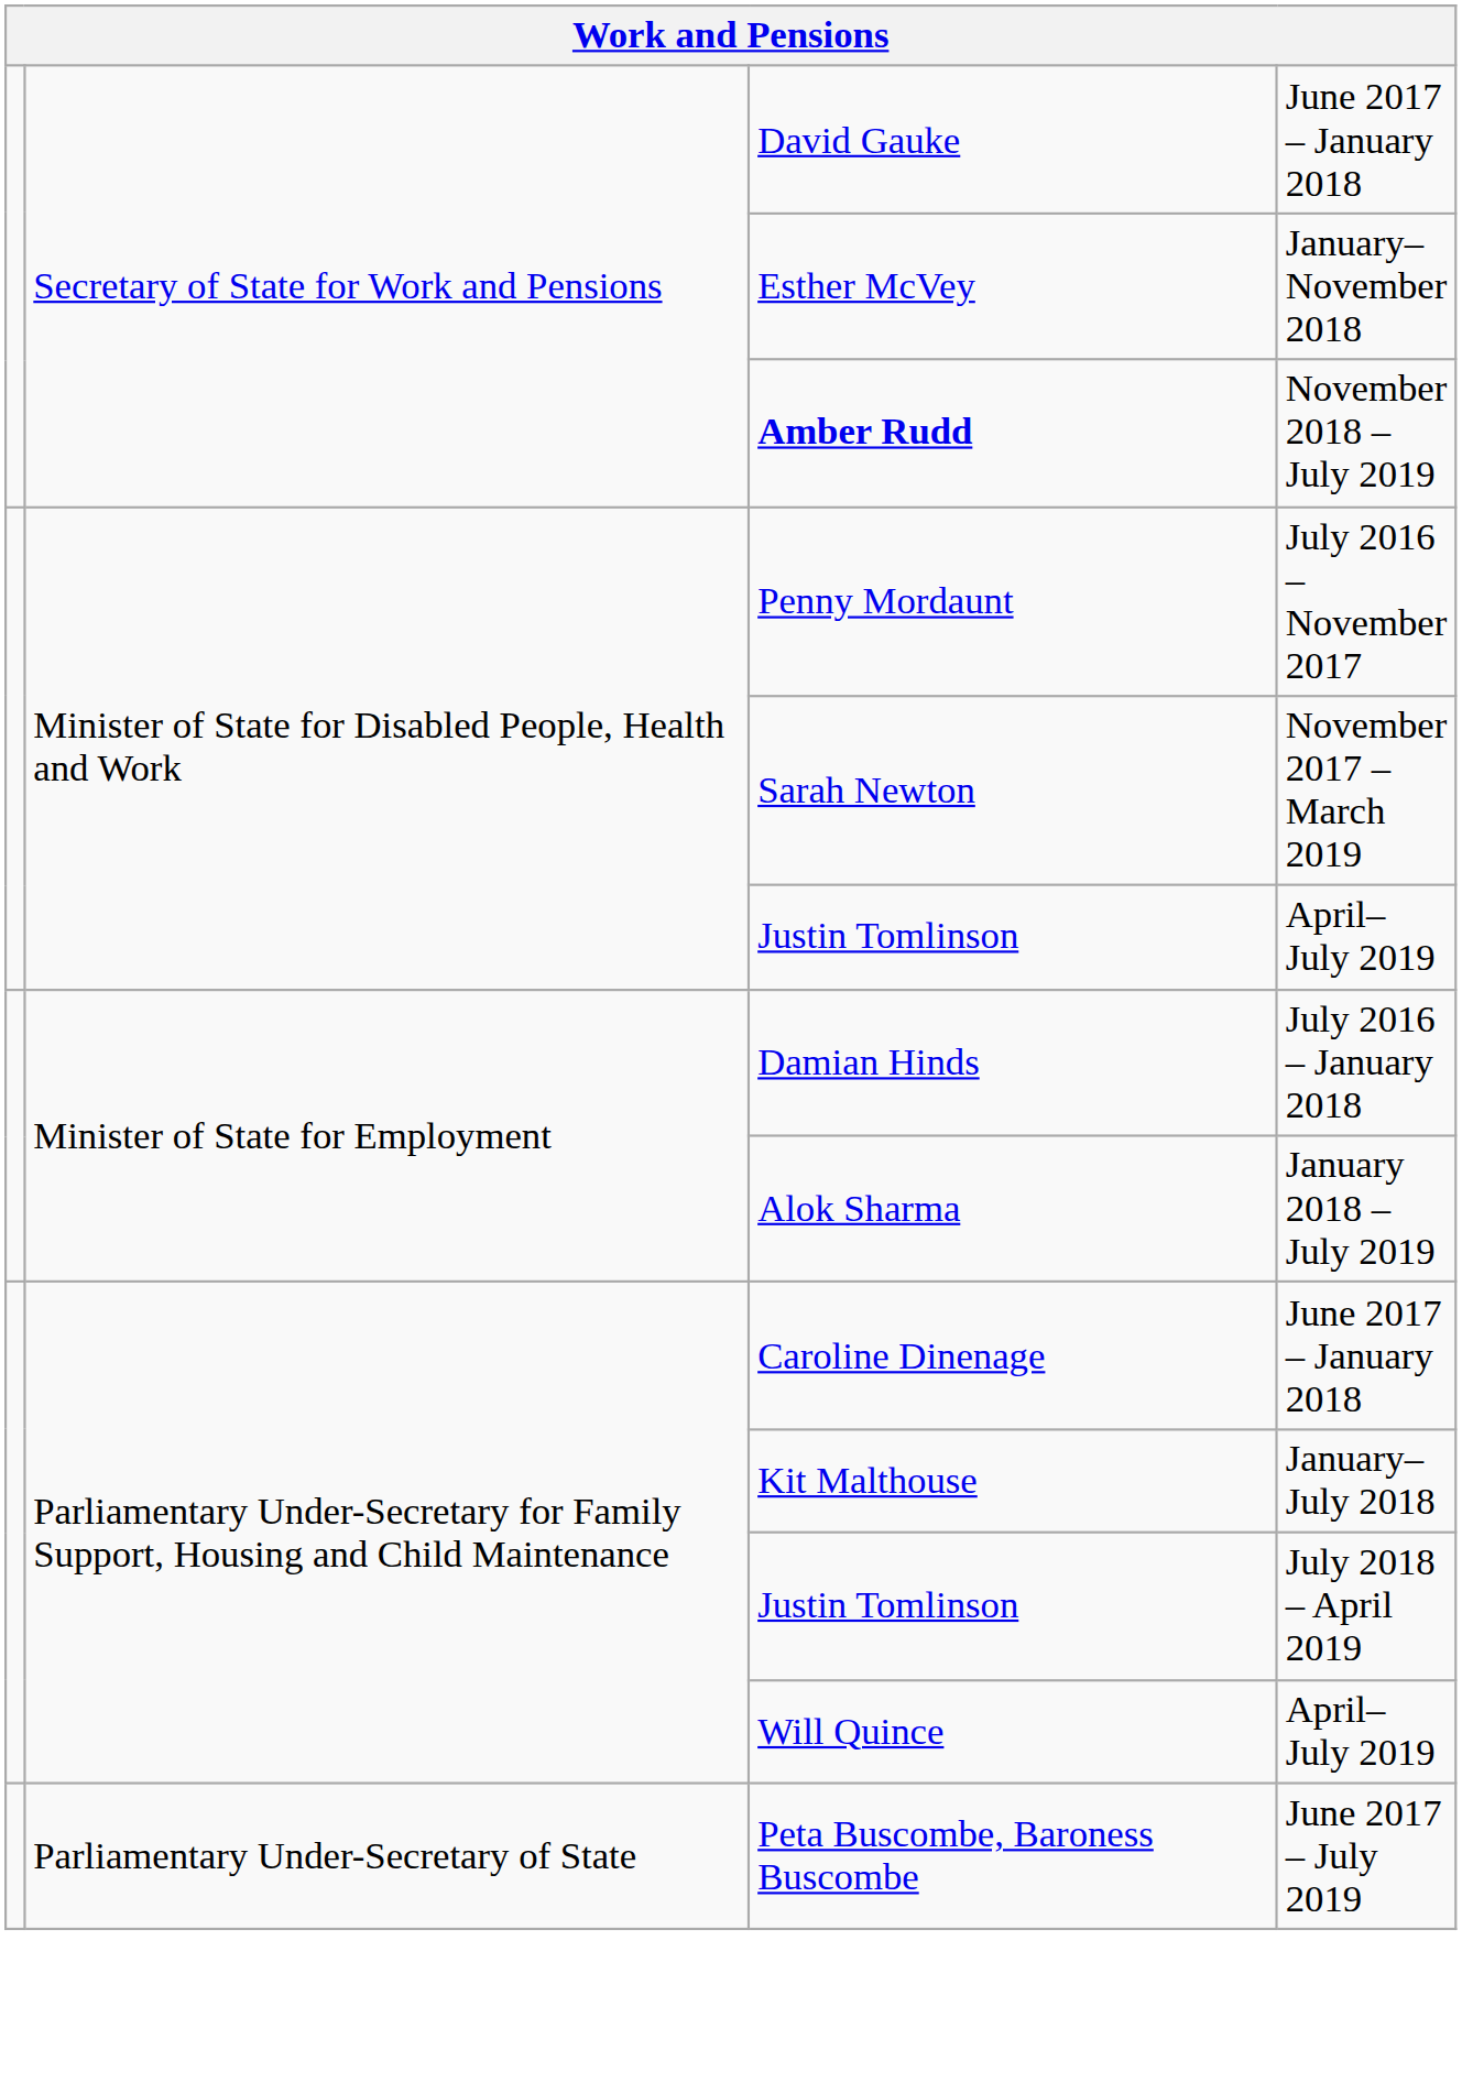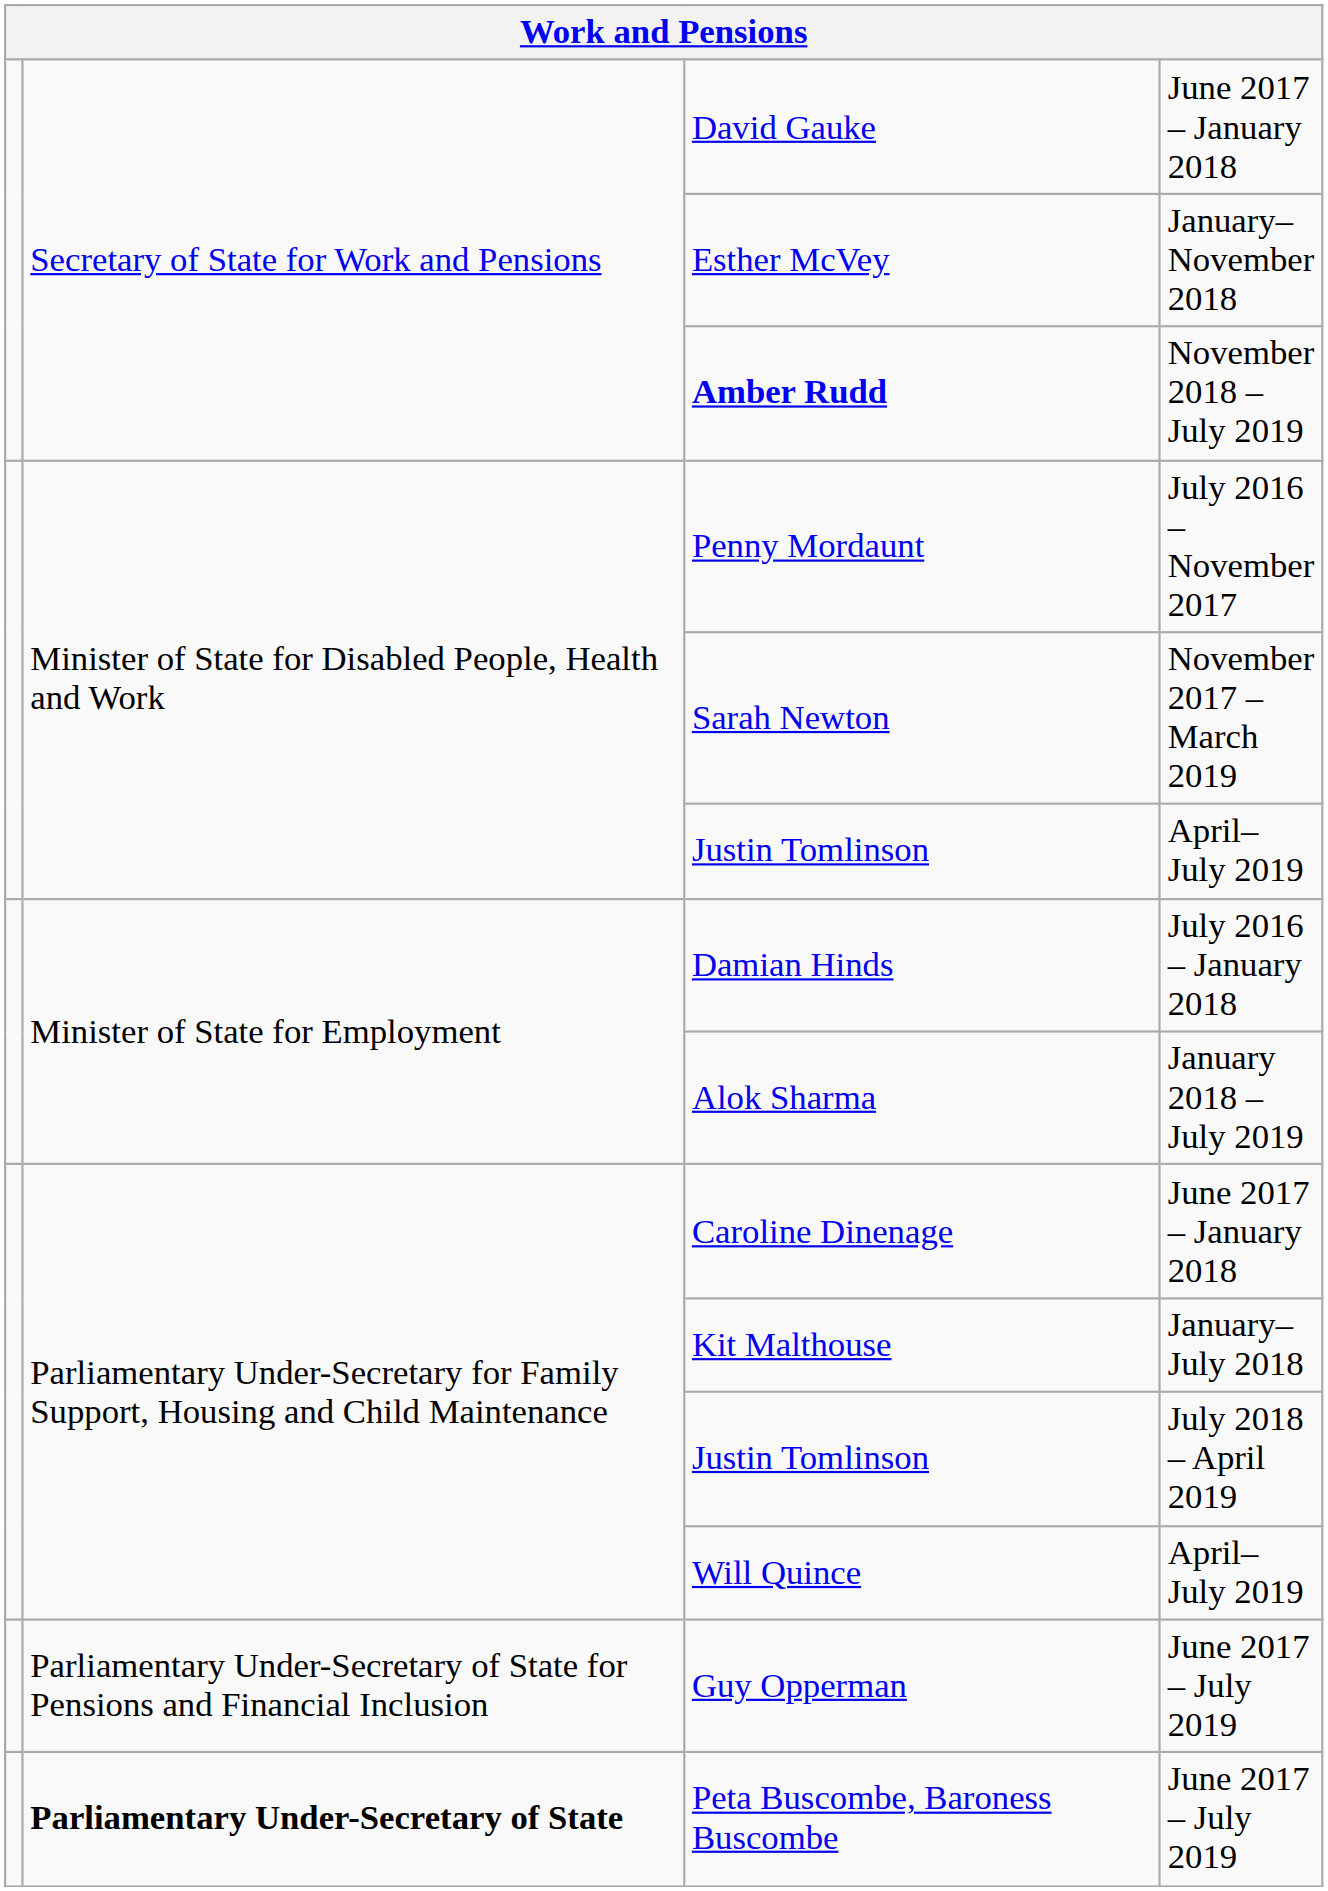 <table class="wikitable">
 <tr>
 <th colspan="4"><a href='#'>Work and Pensions</a></th>
 </tr>
 <tr>
 <td rowspan="3" style="width: 1px; background: "></td>
 <td rowspan="3" style="width: 450px;"><a href='#'>Secretary of State for Work and Pensions</a></td>
 <td style="width: 320px;"><a href='#'>David Gauke</a></td>
 <td>June 2017 – January 2018</td>
 </tr>
 <tr>
 <td><a href='#'>Esther McVey</a></td>
 <td>January–November 2018</td>
 </tr>
 <tr>
 <td><strong><a href='#'>Amber Rudd</a> </strong></td>
 <td>November 2018 – July 2019</td>
 </tr>
 <tr>
 <td rowspan="3" style="width: 1px; background: "></td>
 <td rowspan="3">Minister of State for Disabled People, Health and Work</td>
 <td><a href='#'>Penny Mordaunt</a></td>
 <td>July 2016 – November 2017</td>
 </tr>
 <tr>
 <td><a href='#'>Sarah Newton</a></td>
 <td>November 2017 – March 2019</td>
 </tr>
 <tr>
 <td><a href='#'>Justin Tomlinson</a></td>
 <td>April–July 2019</td>
 </tr>
 <tr>
 <td rowspan="2" style="width: 1px; background: "></td>
 <td rowspan="2">Minister of State for Employment</td>
 <td><a href='#'>Damian Hinds</a></td>
 <td>July 2016 – January 2018</td>
 </tr>
 <tr>
 <td><a href='#'>Alok Sharma</a></td>
 <td>January 2018 – July 2019</td>
 </tr>
 <tr>
 <td rowspan="4" style="width: 1px; background: "></td>
 <td rowspan="4" style="width: 450px;">Parliamentary Under-Secretary for Family Support, Housing and Child Maintenance</td>
 <td style="width: 320px;"><a href='#'>Caroline Dinenage</a></td>
 <td>June 2017 – January 2018</td>
 </tr>
 <tr>
 <td><a href='#'>Kit Malthouse</a></td>
 <td>January–July 2018</td>
 </tr>
 <tr>
 <td><a href='#'>Justin Tomlinson</a></td>
 <td>July 2018 – April 2019</td>
 </tr>
 <tr>
 <td><a href='#'>Will Quince</a></td>
 <td>April–July 2019</td>
 </tr>
 <tr>
 <td style="width: 1px; background: "></td>
-<td>Parliamentary Under-Secretary of State</td>
+<td>Parliamentary Under-Secretary of State for Pensions and Financial Inclusion</td>
+<td><a href='#'>Guy Opperman</a></td>
+<td>June 2017 – July 2019</td>
+</tr>
+<tr>
+<td style="width: 1px; background: "></td>
+<td><strong>Parliamentary Under-Secretary of State</strong></td>
 <td><a href='#'>Peta Buscombe, Baroness Buscombe</a></td>
 <td>June 2017 – July 2019</td>
 </tr>
 </table>
